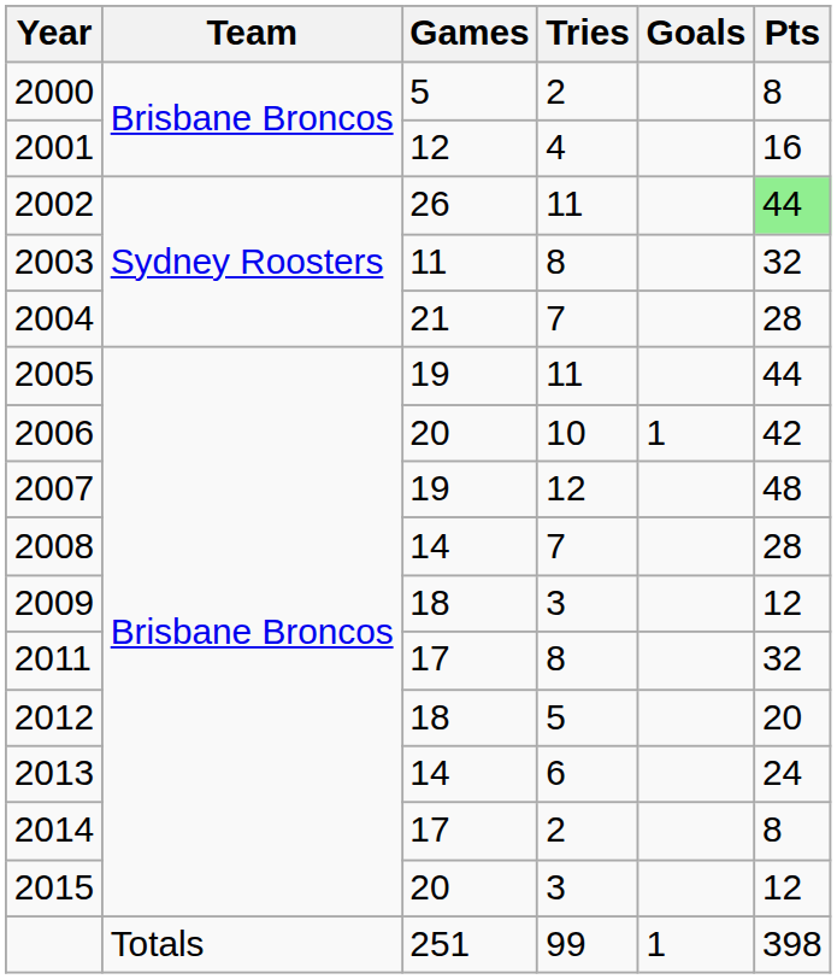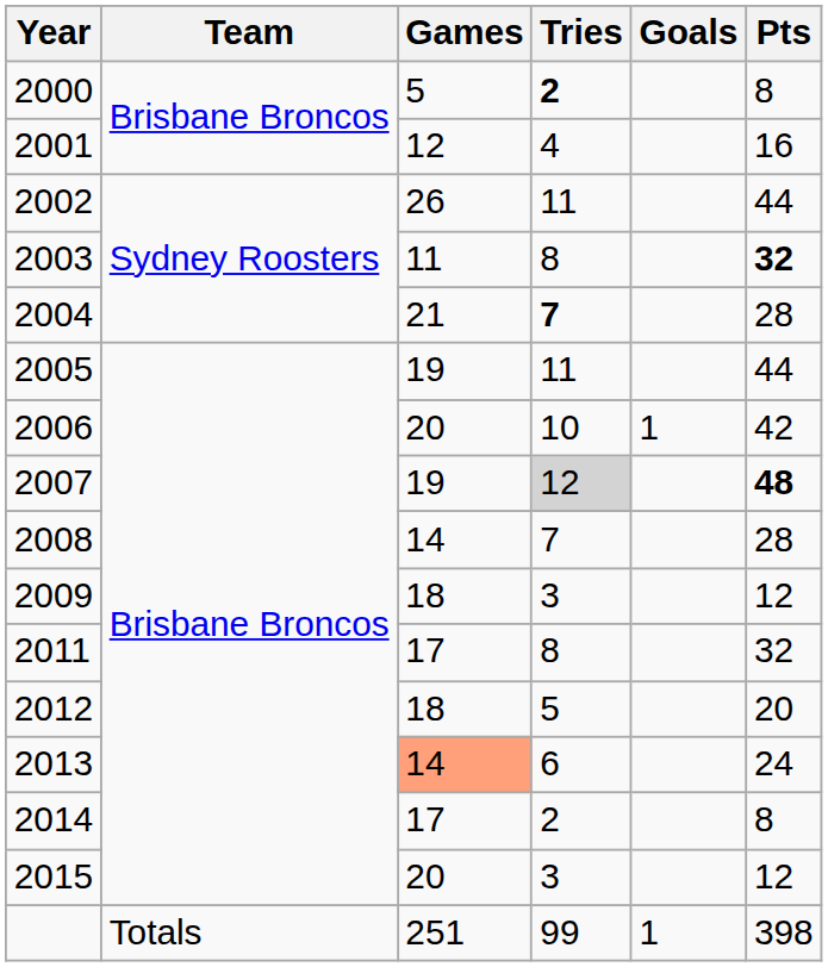 <table class="wikitable">
 <tr>
 <th>Year</th>
 <th>Team</th>
 <th>Games</th>
 <th>Tries</th>
 <th>Goals</th>
 <th>Pts</th>
 </tr>
 <tr>
 <td>2000</td>
 <td rowspan="2"> <a href='#'>Brisbane Broncos</a></td>
 <td>5</td>
-<td>2</td>
+<td><strong>2</strong></td>
 <td></td>
 <td>8</td>
 </tr>
 <tr>
 <td>2001</td>
 <td>12</td>
 <td>4</td>
 <td></td>
 <td>16</td>
 </tr>
 <tr>
 <td>2002</td>
 <td rowspan="3"> <a href='#'>Sydney Roosters</a></td>
 <td>26</td>
 <td>11</td>
 <td></td>
-<td style="background: lightgreen;">44</td>
+<td>44</td>
 </tr>
 <tr>
 <td>2003</td>
 <td>11</td>
 <td>8</td>
 <td></td>
-<td>32</td>
+<td><strong>32</strong></td>
 </tr>
 <tr>
 <td>2004</td>
 <td>21</td>
-<td>7</td>
+<td><strong>7</strong></td>
 <td></td>
 <td>28</td>
 </tr>
 <tr>
 <td>2005</td>
 <td rowspan="10"> <a href='#'>Brisbane Broncos</a></td>
 <td>19</td>
 <td>11</td>
 <td></td>
 <td>44</td>
 </tr>
 <tr>
 <td>2006</td>
 <td>20</td>
 <td>10</td>
 <td>1</td>
 <td>42</td>
 </tr>
 <tr>
 <td>2007</td>
 <td>19</td>
-<td>12</td>
+<td style="background: lightgrey;">12</td>
 <td></td>
-<td>48</td>
+<td><strong>48</strong></td>
 </tr>
 <tr>
 <td>2008</td>
 <td>14</td>
 <td>7</td>
 <td></td>
 <td>28</td>
 </tr>
 <tr>
 <td>2009</td>
 <td>18</td>
 <td>3</td>
 <td></td>
 <td>12</td>
 </tr>
 <tr>
 <td>2011</td>
 <td>17</td>
 <td>8</td>
 <td></td>
 <td>32</td>
 </tr>
 <tr>
 <td>2012</td>
 <td>18</td>
 <td>5</td>
 <td></td>
 <td>20</td>
 </tr>
 <tr>
 <td>2013</td>
-<td>14</td>
+<td style="background: lightsalmon;">14</td>
 <td>6</td>
 <td></td>
 <td>24</td>
 </tr>
 <tr>
 <td>2014</td>
 <td>17</td>
 <td>2</td>
 <td></td>
 <td>8</td>
 </tr>
 <tr>
 <td>2015</td>
 <td>20</td>
 <td>3</td>
 <td></td>
 <td>12</td>
 </tr>
 <tr>
 <td></td>
 <td>Totals</td>
 <td>251</td>
 <td>99</td>
 <td>1</td>
 <td>398</td>
 </tr>
 </table>
